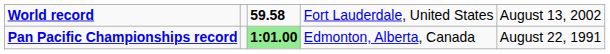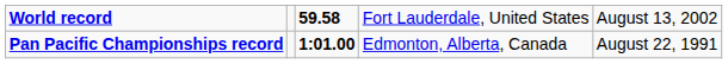 <table class="wikitable">
 <tr>
 <td><strong><a href='#'>World record</a></strong></td>
 <td></td>
 <td><strong>59.58</strong></td>
 <td><a href='#'>Fort Lauderdale</a>, United States</td>
 <td>August 13, 2002</td>
 </tr>
 <tr>
 <td><strong><a href='#'>Pan Pacific Championships record</a></strong></td>
 <td></td>
-<td style="background: lightgreen;"><strong>1:01.00</strong></td>
+<td><strong>1:01.00</strong></td>
 <td><a href='#'>Edmonton, Alberta</a>, Canada</td>
 <td>August 22, 1991</td>
 </tr>
 </table>
